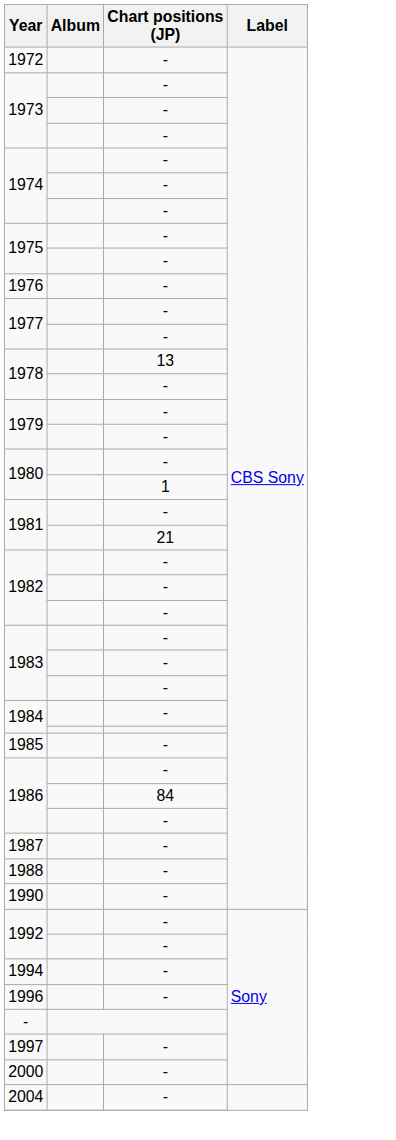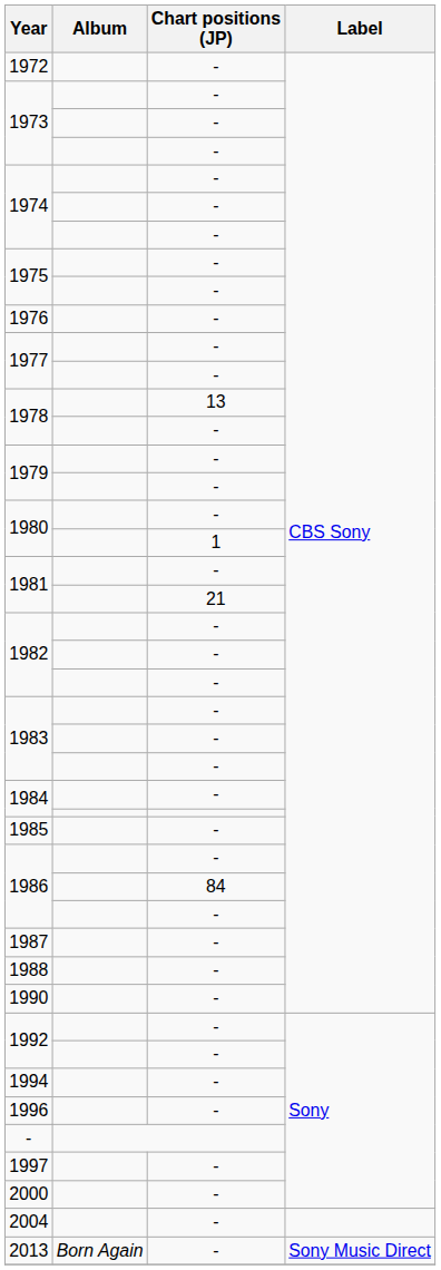 <table class="wikitable">
 <tr>
 <th>Year</th>
 <th>Album</th>
 <th>Chart positions<br>(JP)</th>
 <th>Label</th>
 </tr>
 <tr>
 <td>1972</td>
 <td></td>
 <td align="center">-</td>
 <td rowspan="35"><a href='#'>CBS Sony</a></td>
 </tr>
 <tr>
 <td rowspan="3">1973</td>
 <td></td>
 <td align="center">-</td>
 </tr>
 <tr>
 <td></td>
 <td align="center">-</td>
 </tr>
 <tr>
 <td></td>
 <td align="center">-</td>
 </tr>
 <tr>
 <td rowspan="3">1974</td>
 <td></td>
 <td align="center">-</td>
 </tr>
 <tr>
 <td></td>
 <td align="center">-</td>
 </tr>
 <tr>
 <td></td>
 <td align="center">-</td>
 </tr>
 <tr>
 <td rowspan="2">1975</td>
 <td></td>
 <td align="center">-</td>
 </tr>
 <tr>
 <td></td>
 <td align="center">-</td>
 </tr>
 <tr>
 <td>1976</td>
 <td></td>
 <td align="center">-</td>
 </tr>
 <tr>
 <td rowspan="2">1977</td>
 <td></td>
 <td align="center">-</td>
 </tr>
 <tr>
 <td></td>
 <td align="center">-</td>
 </tr>
 <tr>
 <td rowspan="2">1978</td>
 <td></td>
 <td align="center">13</td>
 </tr>
 <tr>
 <td></td>
 <td align="center">-</td>
 </tr>
 <tr>
 <td rowspan="2">1979</td>
 <td></td>
 <td align="center">-</td>
 </tr>
 <tr>
 <td></td>
 <td align="center">-</td>
 </tr>
 <tr>
 <td rowspan="2">1980</td>
 <td></td>
 <td align="center">-</td>
 </tr>
 <tr>
 <td></td>
 <td align="center">1</td>
 </tr>
 <tr>
 <td rowspan="2">1981</td>
 <td></td>
 <td align="center">-</td>
 </tr>
 <tr>
 <td></td>
 <td align="center">21</td>
 </tr>
 <tr>
 <td rowspan="3">1982</td>
 <td></td>
 <td align="center">-</td>
 </tr>
 <tr>
 <td></td>
 <td align="center">-</td>
 </tr>
 <tr>
 <td></td>
 <td align="center">-</td>
 </tr>
 <tr>
 <td rowspan="3">1983</td>
 <td></td>
 <td align="center">-</td>
 </tr>
 <tr>
 <td></td>
 <td align="center">-</td>
 </tr>
 <tr>
 <td></td>
 <td align="center">-</td>
 </tr>
 <tr>
 <td rowspan="2">1984</td>
 <td></td>
 <td align="center">-</td>
 </tr>
 <tr>
 <td></td>
 <td align="center"></td>
 </tr>
 <tr>
 <td>1985</td>
 <td></td>
 <td align="center">-</td>
 </tr>
 <tr>
 <td rowspan="3">1986</td>
 <td></td>
 <td align="center">-</td>
 </tr>
 <tr>
 <td></td>
 <td align="center">84</td>
 </tr>
 <tr>
 <td></td>
 <td align="center">-</td>
 </tr>
 <tr>
 <td>1987</td>
 <td></td>
 <td align="center">-</td>
 </tr>
 <tr>
 <td>1988</td>
 <td></td>
 <td align="center">-</td>
 </tr>
 <tr>
 <td>1990</td>
 <td></td>
 <td align="center">-</td>
 </tr>
 <tr>
 <td rowspan="2">1992</td>
 <td></td>
 <td align="center">-</td>
 <td rowspan="8"><a href='#'>Sony</a></td>
 </tr>
 <tr>
 <td></td>
 <td align="center">-</td>
 </tr>
 <tr>
 <td>1994</td>
 <td></td>
 <td align="center">-</td>
 </tr>
 <tr>
 <td rowspan="2">1996</td>
 <td></td>
 <td align="center">-</td>
 </tr>
 <tr>
 </tr>
 <tr |>
 <td align="center">-</td>
 </tr>
 <tr>
 <td>1997</td>
 <td></td>
 <td align="center">-</td>
 </tr>
 <tr>
 <td>2000</td>
 <td></td>
 <td align="center">-</td>
 </tr>
 <tr>
 <td>2004</td>
 <td></td>
 <td align="center">-</td>
 </tr>
 <tr>
+<td>2013</td>
+<td><em>Born Again</em></td>
+<td align="center">-</td>
+<td><a href='#'>Sony Music Direct</a></td>
+</tr>
+<tr>
 </tr>
 </table>
